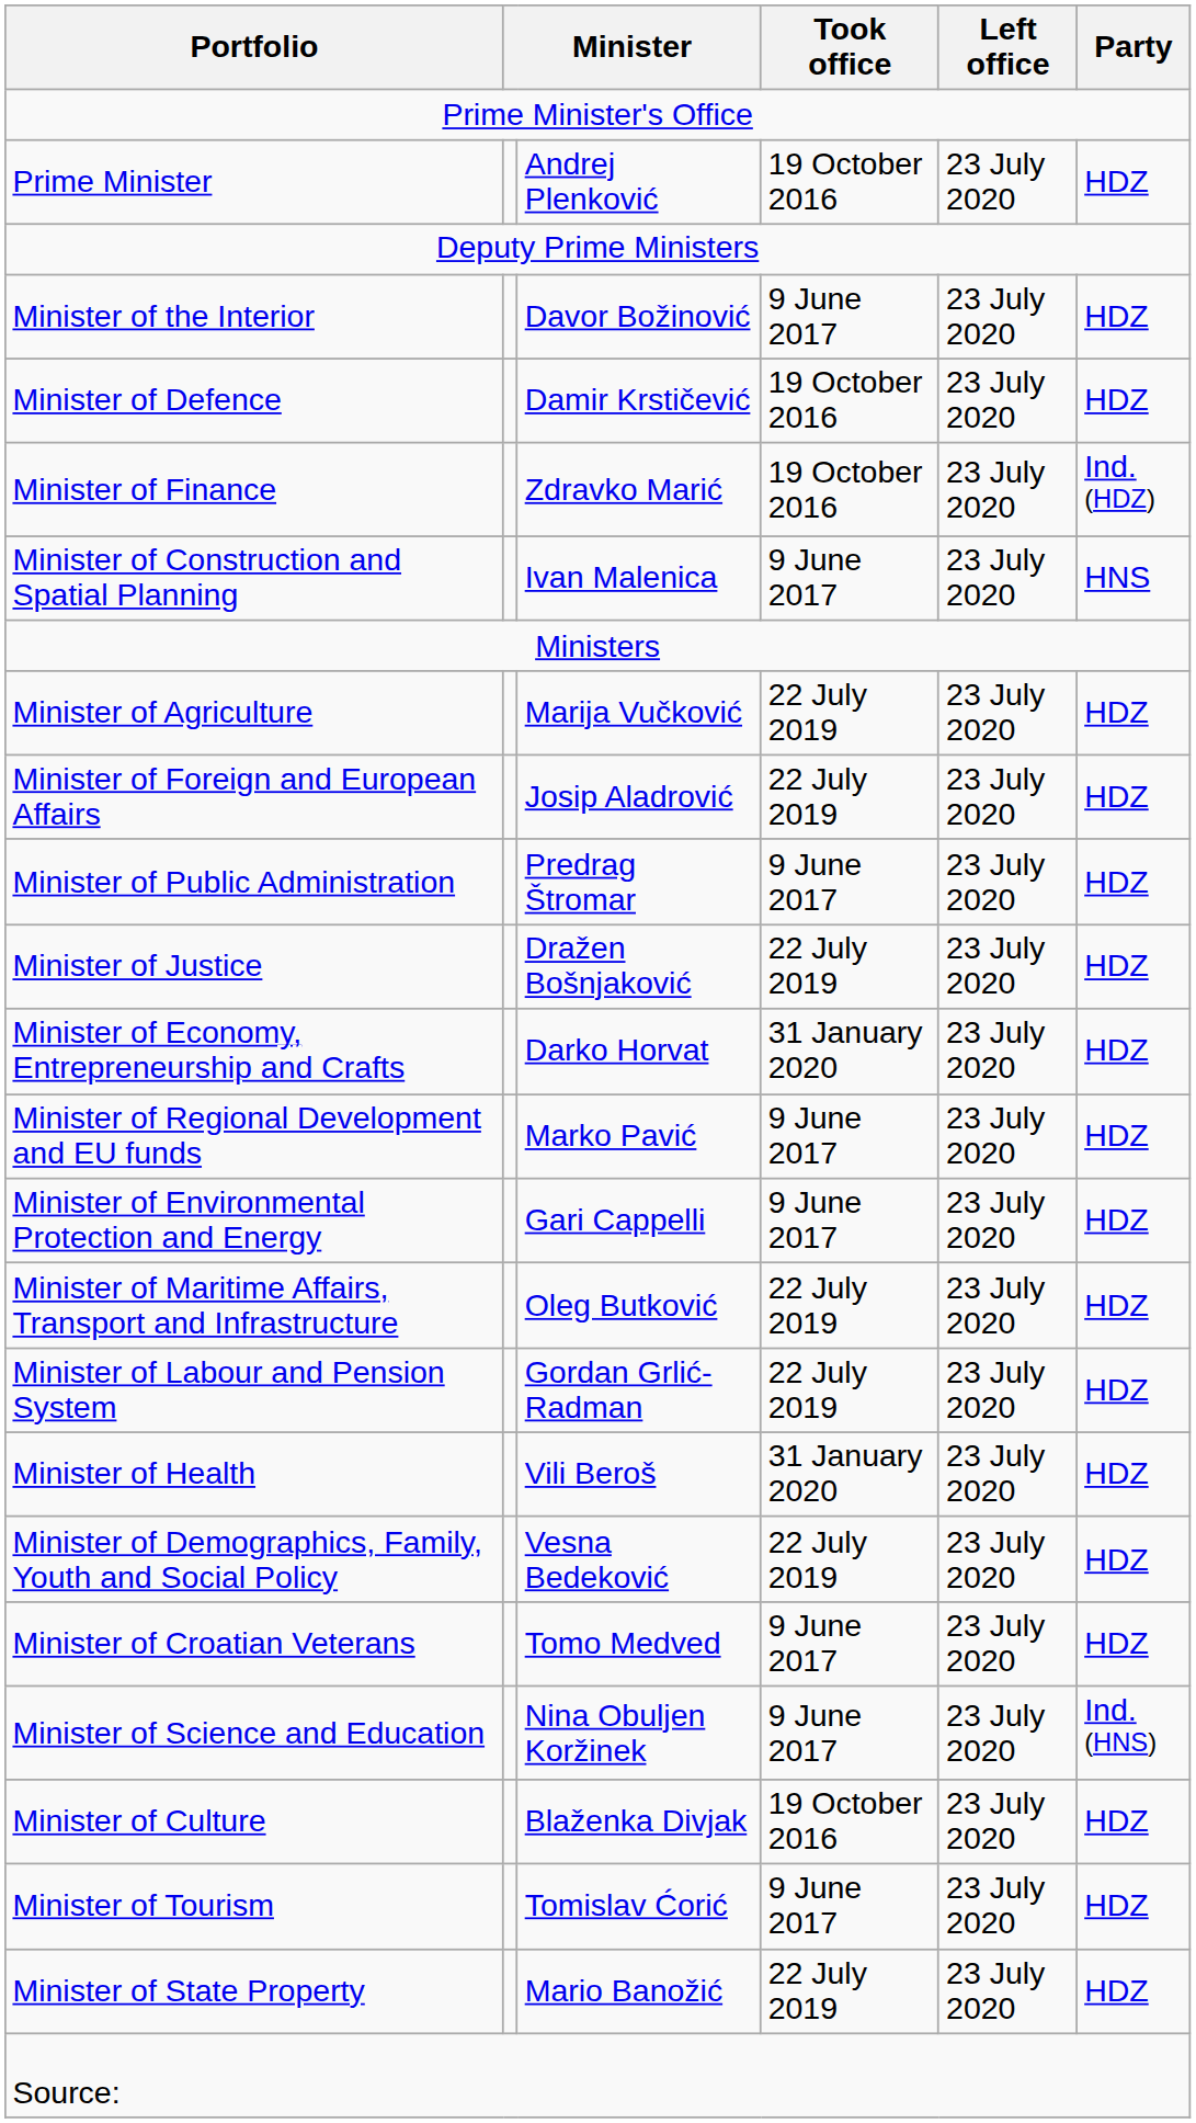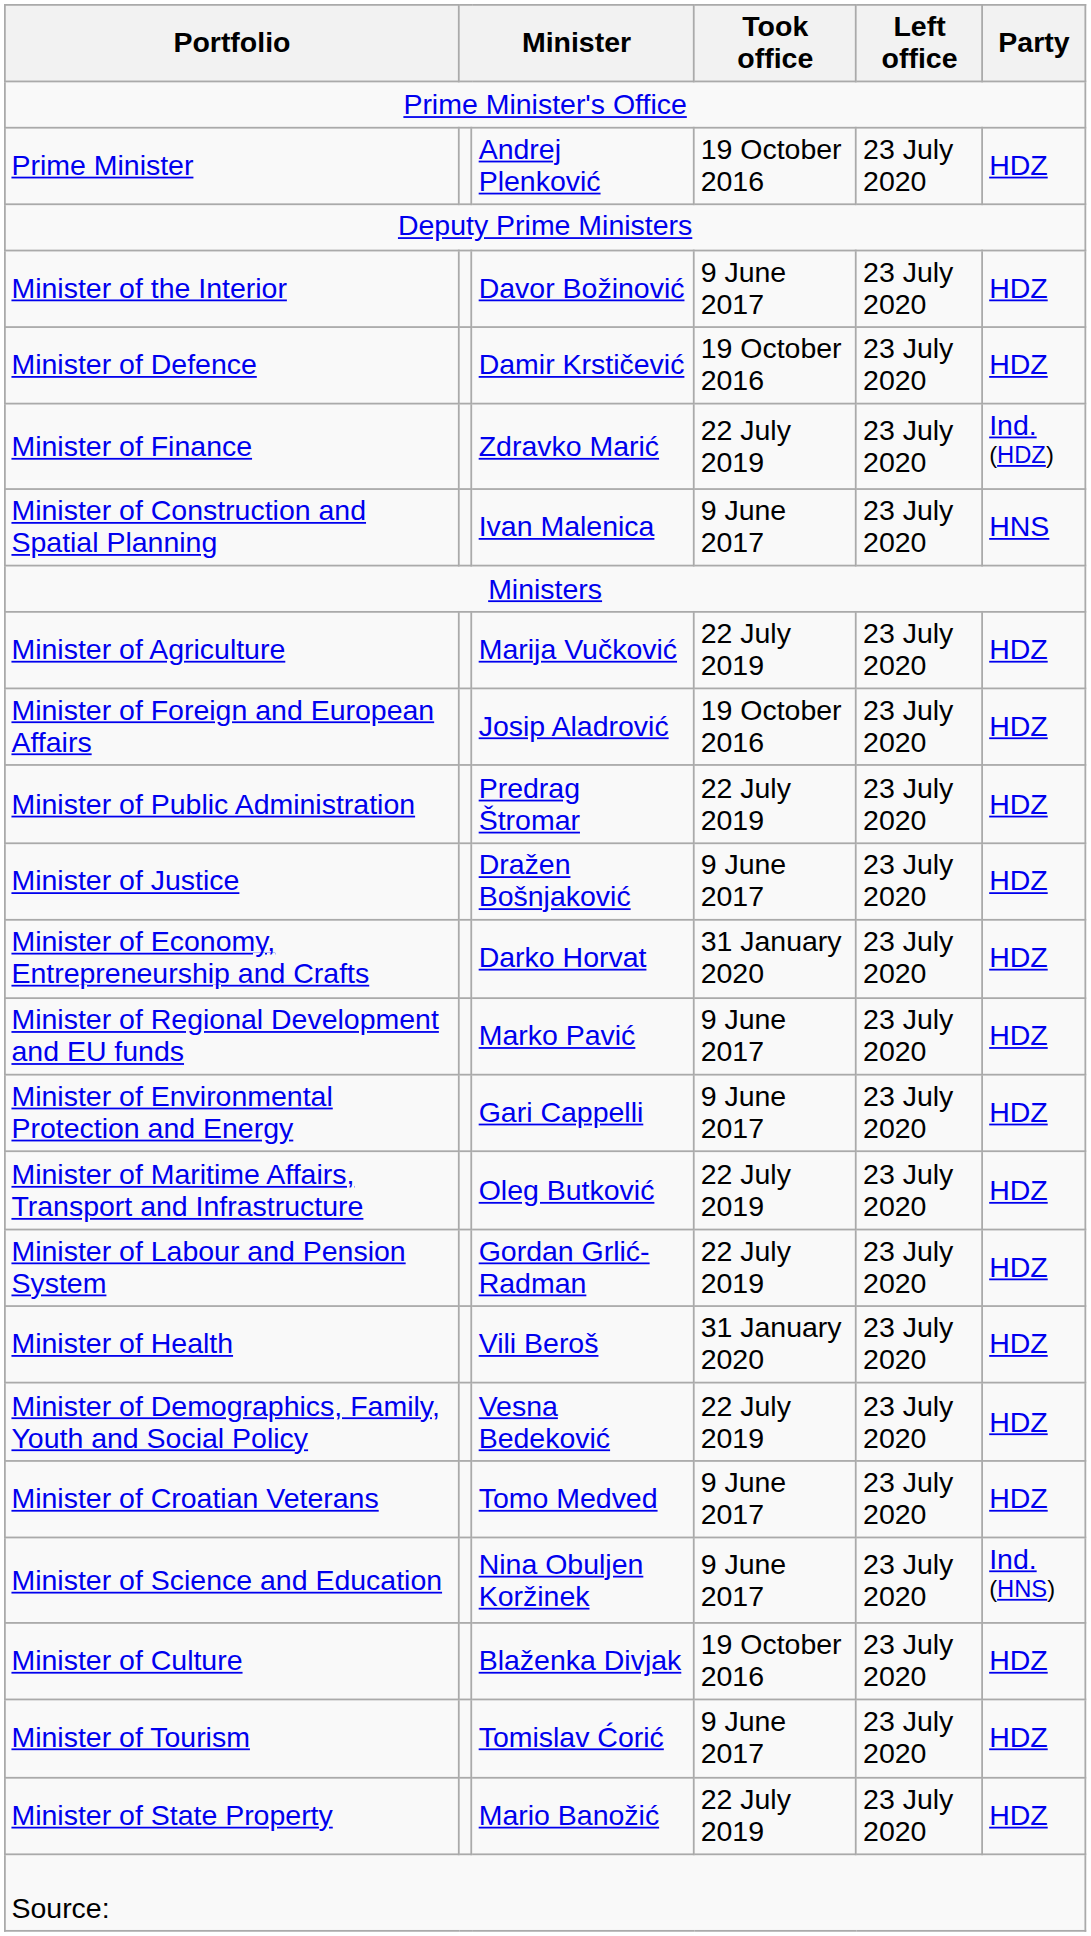 <table class="wikitable">
 <tr>
 <th style="text-align: center;">Portfolio</th>
 <th colspan="2" style="text-align: center;">Minister</th>
 <th style="text-align: center;">Took office</th>
 <th style="text-align: center;">Left office</th>
 <th style="text-align: center;">Party</th>
 </tr>
 <tr>
 <td colspan="6" style="text-align: center;"><a href='#'>Prime Minister's Office</a></td>
 </tr>
 <tr>
 <td><a href='#'>Prime Minister</a></td>
 <td style="background:"></td>
 <td><a href='#'>Andrej Plenković</a></td>
 <td>19 October 2016</td>
 <td>23 July 2020</td>
 <td><a href='#'>HDZ</a></td>
 </tr>
 <tr>
 <td colspan="6" style="text-align: center;"><a href='#'>Deputy Prime Ministers</a></td>
 </tr>
 <tr>
 <td><a href='#'>Minister of the Interior</a></td>
 <td style="background:"></td>
 <td><a href='#'>Davor Božinović</a></td>
 <td>9 June 2017</td>
 <td>23 July 2020</td>
 <td><a href='#'>HDZ</a></td>
 </tr>
 <tr>
 <td><a href='#'>Minister of Defence</a></td>
 <td style="background:"></td>
 <td><a href='#'>Damir Krstičević</a></td>
 <td>19 October 2016</td>
 <td>23 July 2020</td>
 <td><a href='#'>HDZ</a></td>
 </tr>
 <tr>
 <td><a href='#'>Minister of Finance</a></td>
 <td style="background:"></td>
 <td><a href='#'>Zdravko Marić</a></td>
-<td>19 October 2016</td>
+<td>22 July 2019</td>
 <td>23 July 2020</td>
 <td><a href='#'>Ind.</a><sup>(<a href='#'>HDZ</a>) </sup></td>
 </tr>
 <tr>
 <td><a href='#'>Minister of Construction and Spatial Planning</a></td>
 <td style="background:"></td>
 <td><a href='#'>Ivan Malenica</a></td>
 <td>9 June 2017</td>
 <td>23 July 2020</td>
 <td><a href='#'>HNS</a></td>
 </tr>
 <tr>
 <td colspan="7" style="text-align: center;"><a href='#'>Ministers</a></td>
 </tr>
 <tr>
 <td><a href='#'>Minister of Agriculture</a></td>
 <td style="background:"></td>
 <td><a href='#'>Marija Vučković</a></td>
 <td>22 July 2019</td>
 <td>23 July 2020</td>
 <td><a href='#'>HDZ</a></td>
 </tr>
 <tr>
 <td><a href='#'>Minister of Foreign and European Affairs</a></td>
 <td style="background:"></td>
 <td><a href='#'>Josip Aladrović</a></td>
-<td>22 July 2019</td>
+<td>19 October 2016</td>
 <td>23 July 2020</td>
 <td><a href='#'>HDZ</a></td>
 </tr>
 <tr>
 <td><a href='#'>Minister of Public Administration</a></td>
 <td style="background:"></td>
 <td><a href='#'>Predrag Štromar</a></td>
-<td>9 June 2017</td>
+<td>22 July 2019</td>
 <td>23 July 2020</td>
 <td><a href='#'>HDZ</a></td>
 </tr>
 <tr>
 <td><a href='#'>Minister of Justice</a></td>
 <td style="background:"></td>
 <td><a href='#'>Dražen Bošnjaković</a></td>
-<td>22 July 2019</td>
+<td>9 June 2017</td>
 <td>23 July 2020</td>
 <td><a href='#'>HDZ</a></td>
 </tr>
 <tr>
 <td><a href='#'>Minister of Economy, Entrepreneurship and Crafts</a></td>
 <td style="background:"></td>
 <td><a href='#'>Darko Horvat</a></td>
 <td>31 January 2020</td>
 <td>23 July 2020</td>
 <td><a href='#'>HDZ</a></td>
 </tr>
 <tr>
 <td><a href='#'>Minister of Regional Development and EU funds</a></td>
 <td style="background:"></td>
 <td><a href='#'>Marko Pavić</a></td>
 <td>9 June 2017</td>
 <td>23 July 2020</td>
 <td><a href='#'>HDZ</a></td>
 </tr>
 <tr>
 <td><a href='#'>Minister of Environmental Protection and Energy</a></td>
 <td style="background:"></td>
 <td><a href='#'>Gari Cappelli</a></td>
 <td>9 June 2017</td>
 <td>23 July 2020</td>
 <td><a href='#'>HDZ</a></td>
 </tr>
 <tr>
 <td><a href='#'>Minister of Maritime Affairs, Transport and Infrastructure</a></td>
 <td style="background:"></td>
 <td><a href='#'>Oleg Butković</a></td>
 <td>22 July 2019</td>
 <td>23 July 2020</td>
 <td><a href='#'>HDZ</a></td>
 </tr>
 <tr>
 <td><a href='#'>Minister of Labour and Pension System</a></td>
 <td style="background:"></td>
 <td><a href='#'>Gordan Grlić-Radman</a></td>
 <td>22 July 2019</td>
 <td>23 July 2020</td>
 <td><a href='#'>HDZ</a></td>
 </tr>
 <tr>
 <td><a href='#'>Minister of Health</a></td>
 <td style="background:"></td>
 <td><a href='#'>Vili Beroš</a></td>
 <td>31 January 2020</td>
 <td>23 July 2020</td>
 <td><a href='#'>HDZ</a></td>
 </tr>
 <tr>
 <td><a href='#'>Minister of Demographics, Family, Youth and Social Policy</a></td>
 <td style="background:"></td>
 <td><a href='#'>Vesna Bedeković</a></td>
 <td>22 July 2019</td>
 <td>23 July 2020</td>
 <td><a href='#'>HDZ</a></td>
 </tr>
 <tr>
 <td><a href='#'>Minister of Croatian Veterans</a></td>
 <td style="background:"></td>
 <td><a href='#'>Tomo Medved</a></td>
 <td>9 June 2017</td>
 <td>23 July 2020</td>
 <td><a href='#'>HDZ</a></td>
 </tr>
 <tr>
 <td><a href='#'>Minister of Science and Education</a></td>
 <td style="background:"></td>
 <td><a href='#'>Nina Obuljen Koržinek</a></td>
 <td>9 June 2017</td>
 <td>23 July 2020</td>
 <td><a href='#'>Ind.</a><sup>(<a href='#'>HNS</a>)</sup></td>
 </tr>
 <tr>
 <td><a href='#'>Minister of Culture</a></td>
 <td style="background:"></td>
 <td><a href='#'>Blaženka Divjak</a></td>
 <td>19 October 2016</td>
 <td>23 July 2020</td>
 <td><a href='#'>HDZ</a></td>
 </tr>
 <tr>
 <td><a href='#'>Minister of Tourism</a></td>
 <td style="background:"></td>
 <td><a href='#'>Tomislav Ćorić</a></td>
 <td>9 June 2017</td>
 <td>23 July 2020</td>
 <td><a href='#'>HDZ</a></td>
 </tr>
 <tr>
 <td><a href='#'>Minister of State Property</a></td>
 <td style="background:"></td>
 <td><a href='#'>Mario Banožić</a></td>
 <td>22 July 2019</td>
 <td>23 July 2020</td>
 <td><a href='#'>HDZ</a></td>
 </tr>
 <tr>
 <td align=left colspan=12><br>Source:</td>
 </tr>
 </table>
